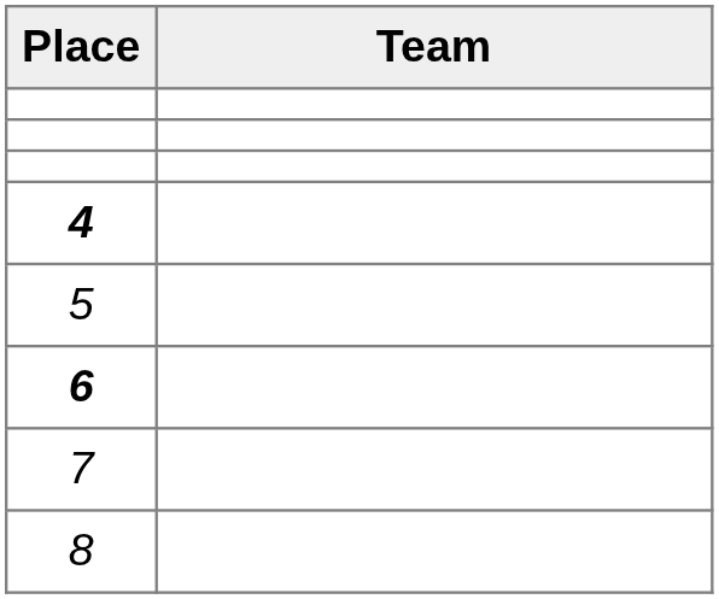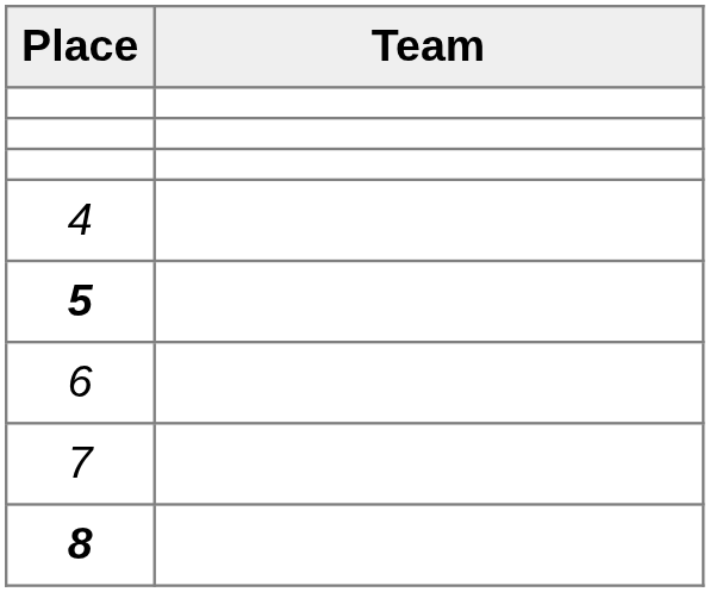 <table style=border-collapse:collapse border=1 cellspacing=0 cellpadding=5>
 <tr align=center bgcolor=#efefef>
 <th width=35>Place</th>
 <th width=185>Team</th>
 </tr>
 <tr align=center>
 <td></td>
 <td style="text-align:left;"></td>
 </tr>
 <tr align=center>
 <td></td>
 <td style="text-align:left;"></td>
 </tr>
 <tr align=center>
 <td></td>
 <td style="text-align:left;"></td>
 </tr>
 <tr align=center>
-<td><strong><em>4</em></strong></td>
+<td><em>4</em></td>
 <td style="text-align:left;"></td>
 </tr>
 <tr align=center>
-<td><em>5</em></td>
+<td><strong><em>5</em></strong></td>
 <td style="text-align:left;"></td>
 </tr>
 <tr align=center>
-<td><strong><em>6</em></strong></td>
+<td><em>6</em></td>
 <td style="text-align:left;"></td>
 </tr>
 <tr align=center>
 <td><em>7</em></td>
 <td style="text-align:left;"></td>
 </tr>
 <tr align=center>
-<td><em>8</em></td>
+<td><strong><em>8</em></strong></td>
 <td style="text-align:left;"></td>
 </tr>
 </table>
